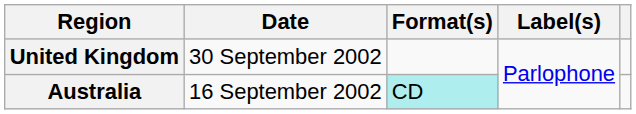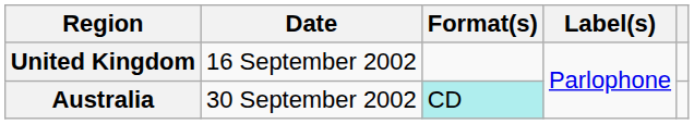 <table class="wikitable plainrowheaders">
 <tr>
 <th scope="col">Region</th>
 <th scope="col">Date</th>
 <th scope="col">Format(s)</th>
 <th scope="col">Label(s)</th>
 <th scope="col"></th>
 </tr>
 <tr>
 <th scope="row">United Kingdom</th>
-<td>30 September 2002</td>
+<td>16 September 2002</td>
 <td></td>
 <td rowspan="2"><a href='#'>Parlophone</a></td>
 <td></td>
 </tr>
 <tr>
 <th scope="row">Australia</th>
-<td>16 September 2002</td>
+<td>30 September 2002</td>
 <td style="background: paleturquoise;">CD</td>
 <td></td>
 </tr>
 </table>
